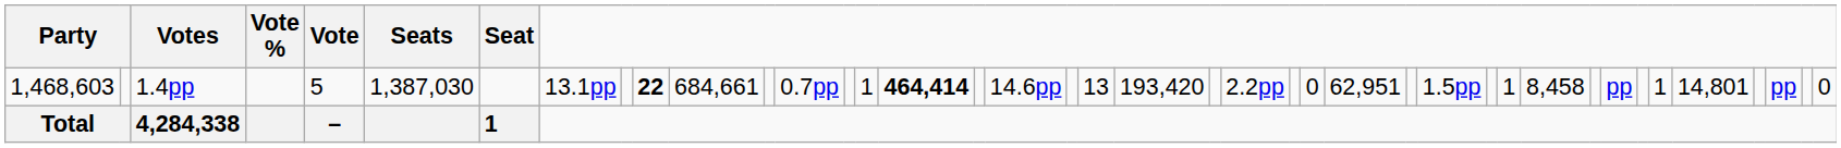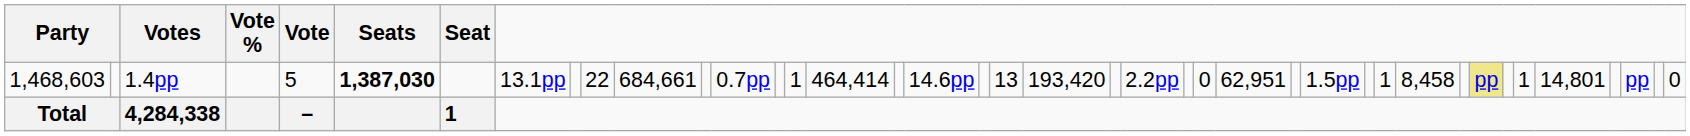 <table class=wikitable style="text-align:right;">
 <tr>
 <th colspan=2>Party</th>
 <th>Votes</th>
 <th>Vote %</th>
 <th>Vote </th>
 <th>Seats</th>
 <th>Seat </th>
 </tr>
 <tr>
 <td>1,468,603</td>
 <td style="text-align:center;"></td>
 <td style="text-align:left;"> 1.4<a href='#'>pp</a></td>
 <td style="text-align:center;"></td>
 <td style="text-align:left;"> 5<br></td>
-<td>1,387,030</td>
+<td><strong>1,387,030</strong></td>
 <td style="text-align:center;"></td>
 <td style="text-align:left;"> 13.1<a href='#'>pp</a></td>
 <td style="text-align:center;"></td>
-<td style="text-align:left;"><strong> 22<br></strong></td>
+<td style="text-align:left;"> 22<br></td>
 <td>684,661</td>
 <td style="text-align:center;"></td>
 <td style="text-align:left;"> 0.7<a href='#'>pp</a></td>
 <td style="text-align:center;"></td>
 <td style="text-align:left;"> 1<br></td>
-<td><strong>464,414</strong></td>
+<td>464,414</td>
 <td style="text-align:center;"></td>
 <td style="text-align:left;"> 14.6<a href='#'>pp</a></td>
 <td style="text-align:center;"></td>
 <td style="text-align:left;"> 13<br></td>
 <td>193,420</td>
 <td style="text-align:center;"></td>
 <td style="text-align:left;"> 2.2<a href='#'>pp</a></td>
 <td style="text-align:center;"></td>
 <td style="text-align:left;"> 0<br></td>
 <td>62,951</td>
 <td style="text-align:center;"></td>
 <td style="text-align:left;"> 1.5<a href='#'>pp</a></td>
 <td style="text-align:center;"></td>
 <td style="text-align:left;"> 1<br></td>
 <td>8,458</td>
 <td style="text-align:center;"></td>
-<td style="text-align:left;"><a href='#'>pp</a></td>
+<td style="background: khaki; text-align:left;"><a href='#'>pp</a></td>
 <td style="text-align:center;"></td>
 <td style="text-align:left;"> 1<br></td>
 <td>14,801</td>
 <td style="text-align:center;"></td>
 <td style="text-align:left;"><a href='#'>pp</a></td>
 <td style="text-align:center;"></td>
 <td style="text-align:left;"> 0</td>
 </tr>
 <tr>
 <th colspan="2">Total</th>
 <th>4,284,338</th>
 <th></th>
 <th>–</th>
 <th></th>
 <th style="text-align:left;"> 1</th>
 </tr>
 </table>
